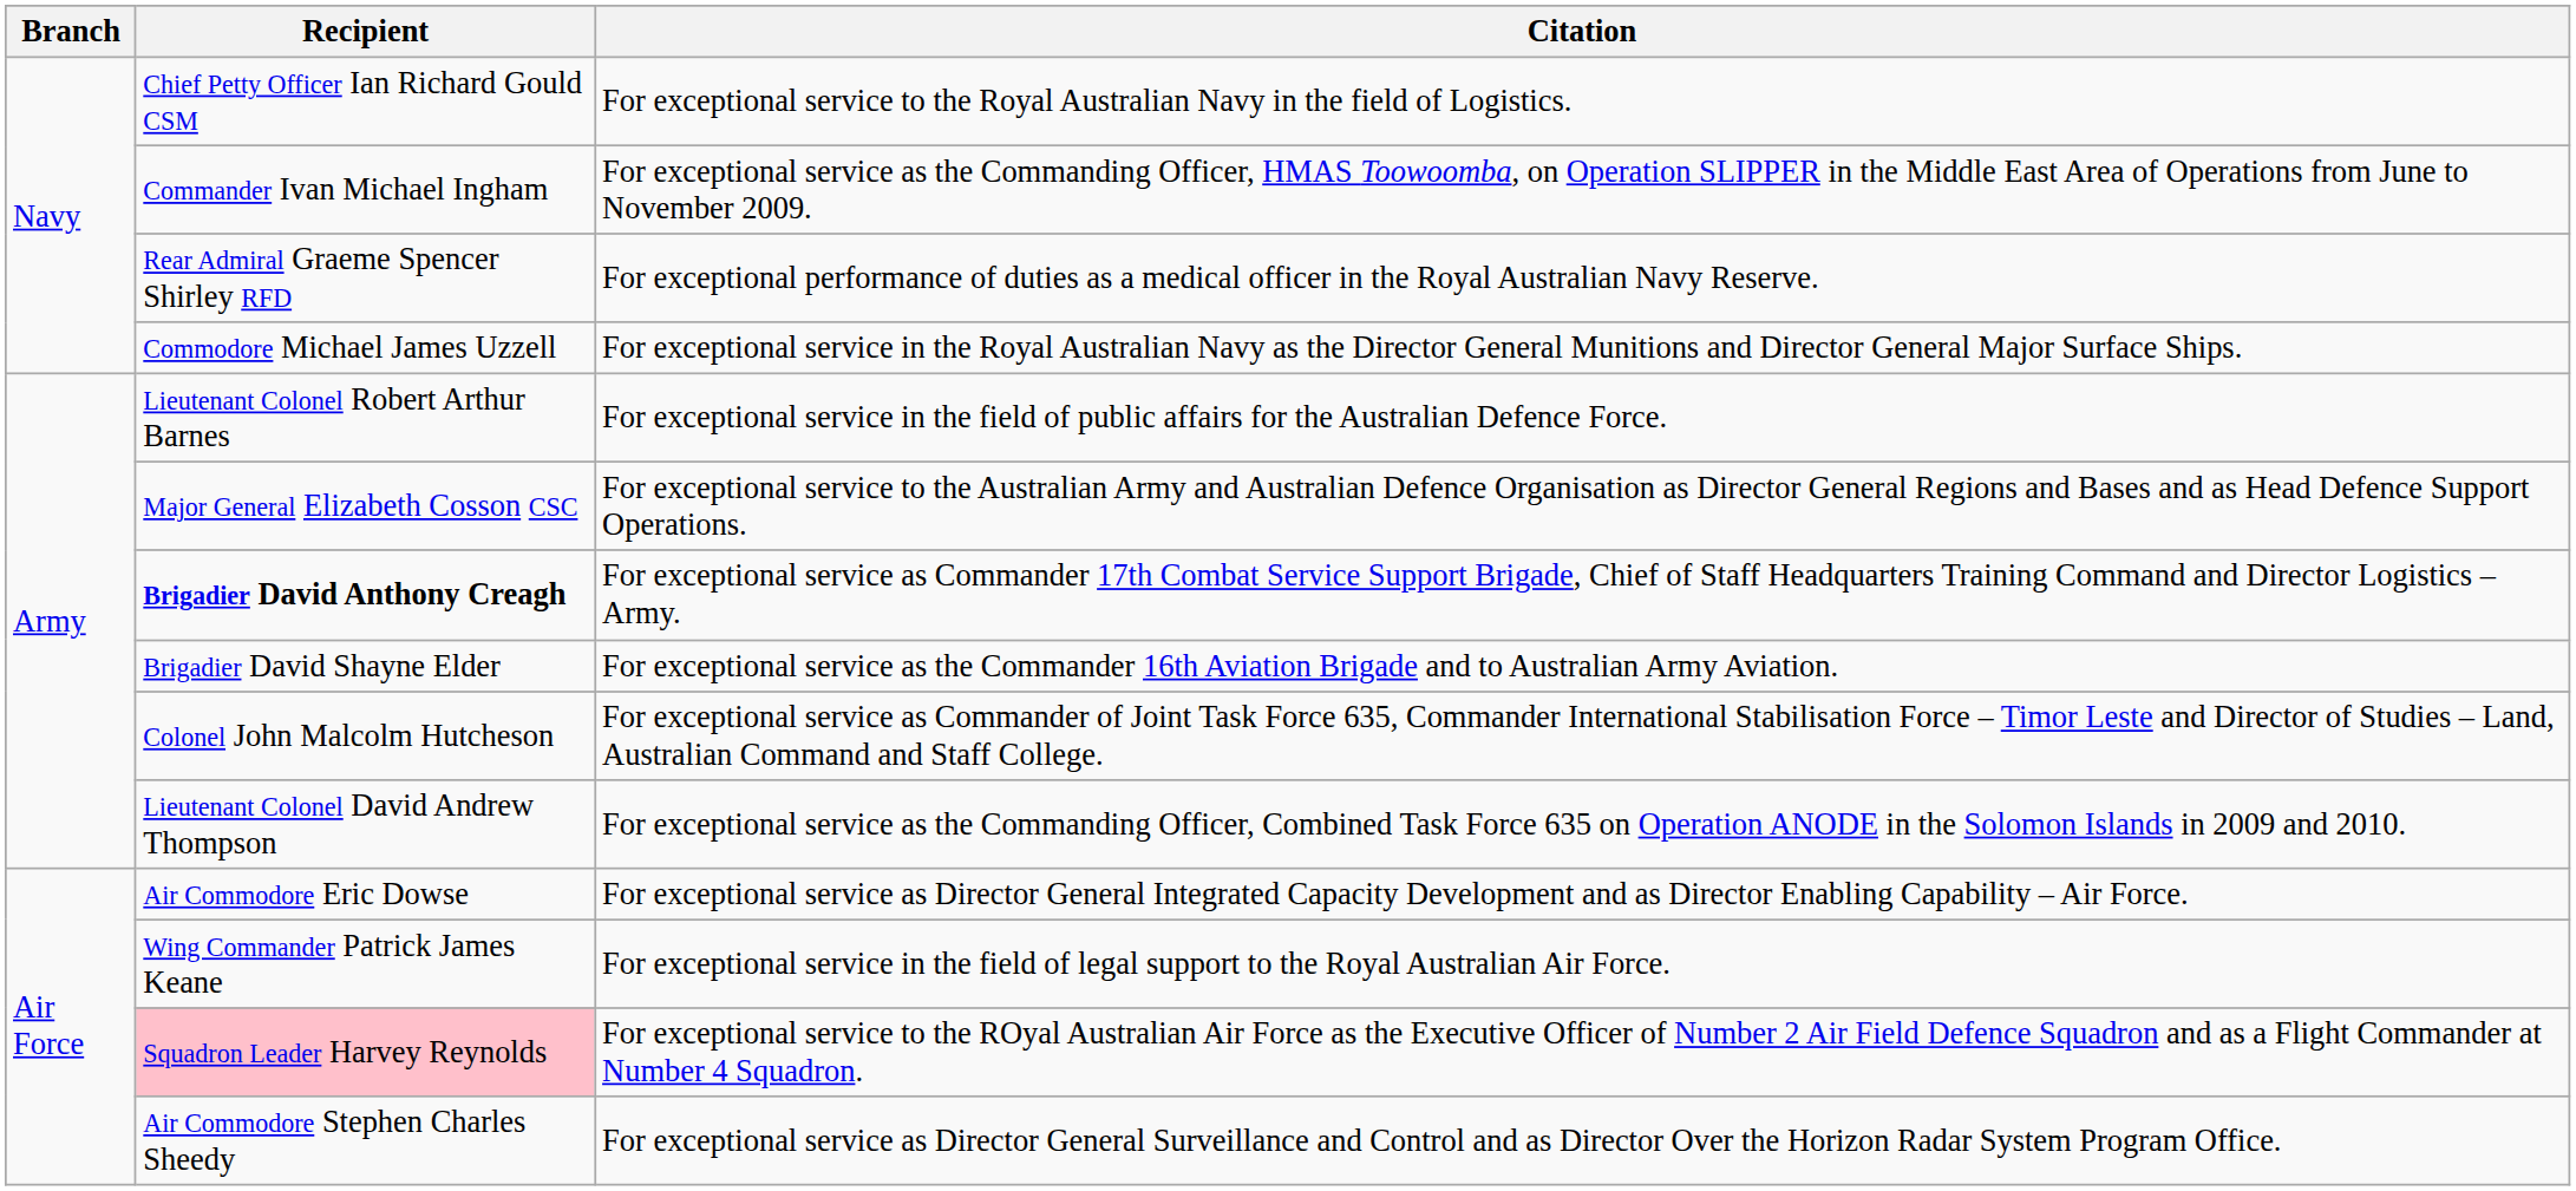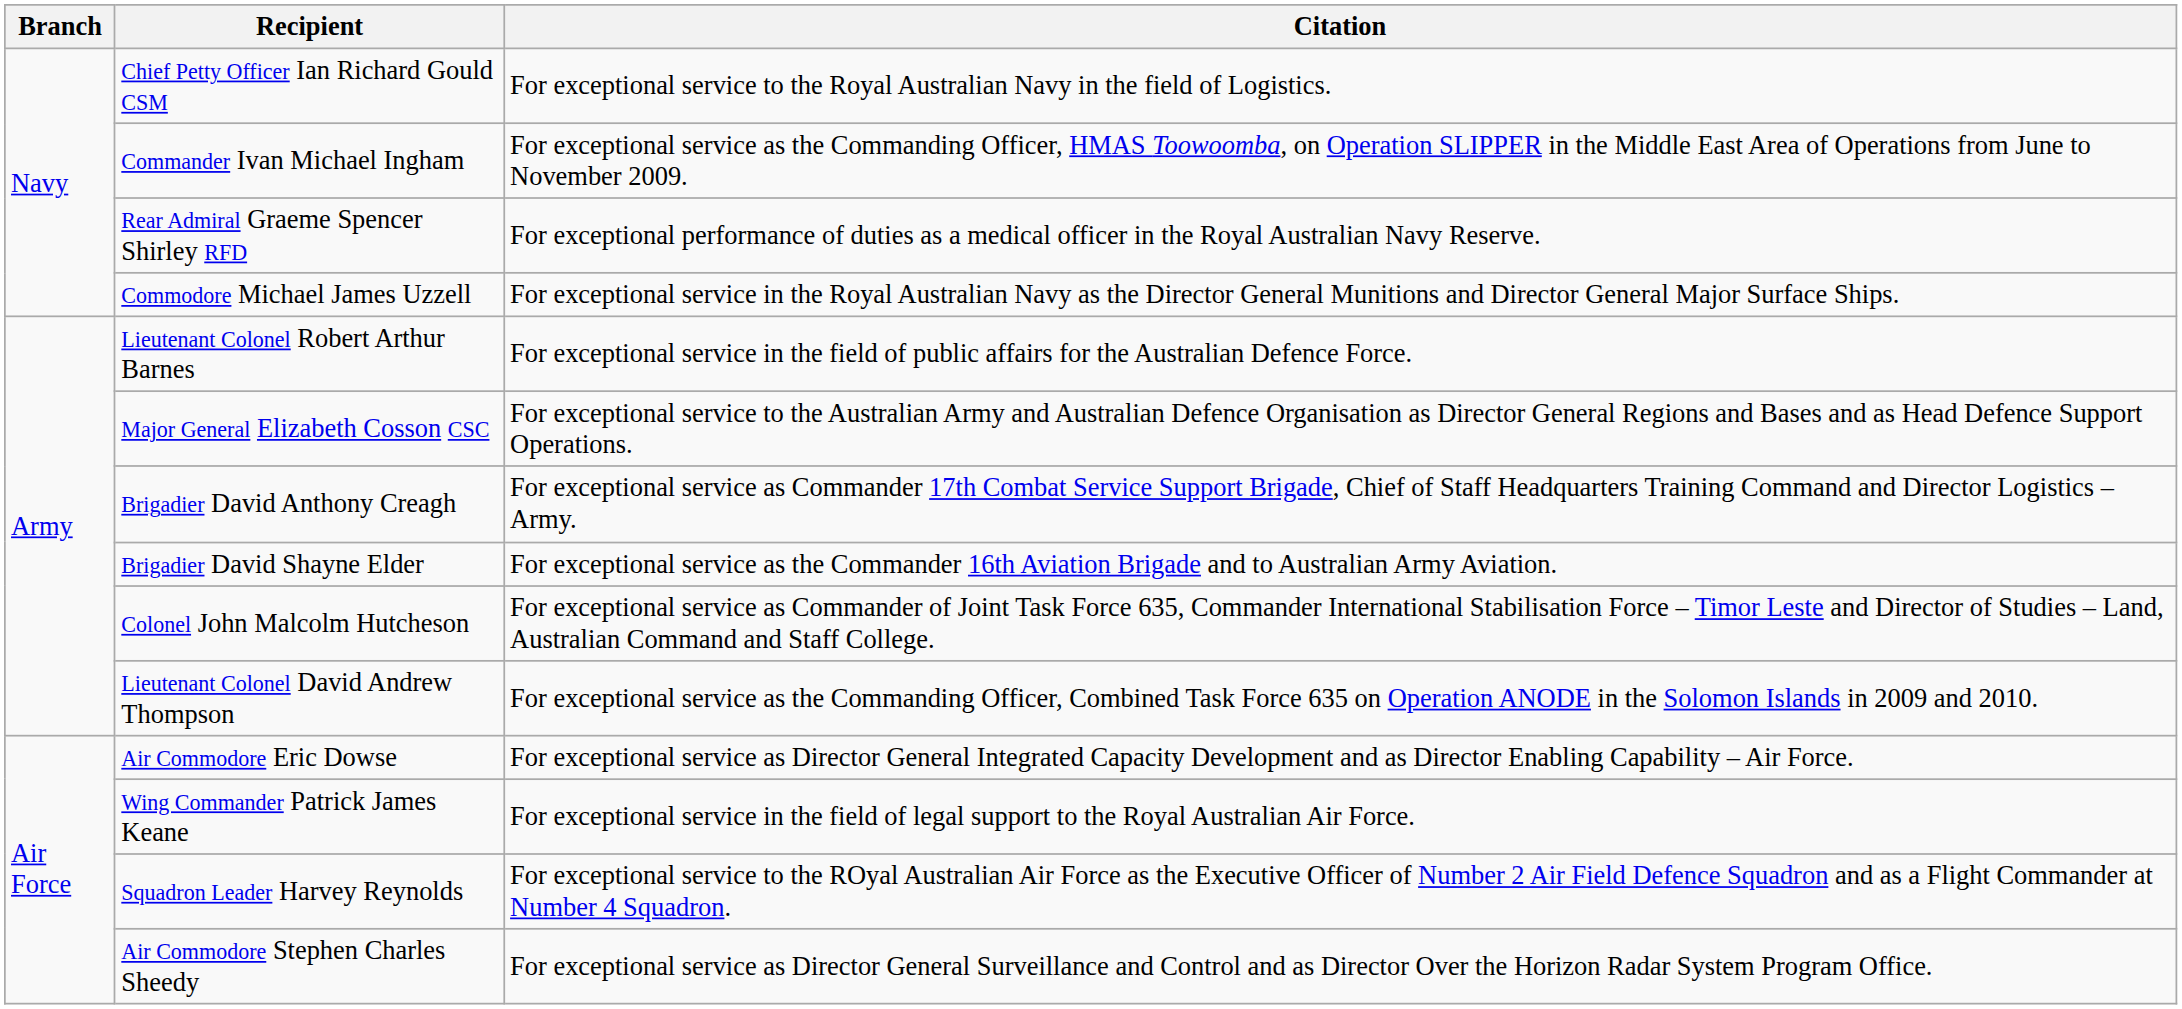 <table class="wikitable" style="font-size:95%;">
 <tr>
 <th>Branch</th>
 <th>Recipient</th>
 <th>Citation</th>
 </tr>
 <tr>
 <td rowspan="4"><a href='#'>Navy</a></td>
 <td><small><a href='#'>Chief Petty Officer</a></small> Ian Richard Gould <small><a href='#'>CSM</a></small></td>
 <td>For exceptional service to the Royal Australian Navy in the field of Logistics.</td>
 </tr>
 <tr>
 <td><small><a href='#'>Commander</a></small> Ivan Michael Ingham</td>
 <td>For exceptional service as the Commanding Officer, <a href='#'>HMAS <em>Toowoomba</em></a>, on <a href='#'>Operation SLIPPER</a> in the Middle East Area of Operations from June to November 2009.</td>
 </tr>
 <tr>
 <td><small><a href='#'>Rear Admiral</a></small> Graeme Spencer Shirley <small><a href='#'>RFD</a></small></td>
 <td>For exceptional performance of duties as a medical officer in the Royal Australian Navy Reserve.</td>
 </tr>
 <tr>
 <td><small><a href='#'>Commodore</a></small> Michael James Uzzell</td>
 <td>For exceptional service in the Royal Australian Navy as the Director General Munitions and Director General Major Surface Ships.</td>
 </tr>
 <tr>
 <td rowspan="6"><a href='#'>Army</a></td>
 <td><small><a href='#'>Lieutenant Colonel</a></small> Robert Arthur Barnes</td>
 <td>For exceptional service in the field of public affairs for the Australian Defence Force.</td>
 </tr>
 <tr>
 <td><small><a href='#'>Major General</a></small> <a href='#'>Elizabeth Cosson</a> <small><a href='#'>CSC</a></small></td>
 <td>For exceptional service to the Australian Army and Australian Defence Organisation as Director General Regions and Bases and as Head Defence Support Operations.</td>
 </tr>
 <tr>
-<td><strong><small><a href='#'>Brigadier</a></small> David Anthony Creagh</strong></td>
+<td><small><a href='#'>Brigadier</a></small> David Anthony Creagh</td>
 <td>For exceptional service as Commander <a href='#'>17th Combat Service Support Brigade</a>, Chief of Staff Headquarters Training Command and Director Logistics – Army.</td>
 </tr>
 <tr>
 <td><small><a href='#'>Brigadier</a></small> David Shayne Elder</td>
 <td>For exceptional service as the Commander <a href='#'>16th Aviation Brigade</a> and to Australian Army Aviation.</td>
 </tr>
 <tr>
 <td><small><a href='#'>Colonel</a></small> John Malcolm Hutcheson</td>
 <td>For exceptional service as Commander of Joint Task Force 635, Commander International Stabilisation Force – <a href='#'>Timor Leste</a> and Director of Studies – Land, Australian Command and Staff College.</td>
 </tr>
 <tr>
 <td><small><a href='#'>Lieutenant Colonel</a></small> David Andrew Thompson</td>
 <td>For exceptional service as the Commanding Officer, Combined Task Force 635 on <a href='#'>Operation ANODE</a> in the <a href='#'>Solomon Islands</a> in 2009 and 2010.</td>
 </tr>
 <tr>
 <td rowspan="4"><a href='#'>Air Force</a></td>
 <td><small><a href='#'>Air Commodore</a></small> Eric Dowse</td>
 <td>For exceptional service as Director General Integrated Capacity Development and as Director Enabling Capability – Air Force.</td>
 </tr>
 <tr>
 <td><small><a href='#'>Wing Commander</a></small> Patrick James Keane</td>
 <td>For exceptional service in the field of legal support to the Royal Australian Air Force.</td>
 </tr>
 <tr>
-<td style="background: pink;"><small><a href='#'>Squadron Leader</a></small> Harvey Reynolds</td>
+<td><small><a href='#'>Squadron Leader</a></small> Harvey Reynolds</td>
 <td>For exceptional service to the ROyal Australian Air Force as the Executive Officer of <a href='#'>Number 2 Air Field Defence Squadron</a> and as a Flight Commander at <a href='#'>Number 4 Squadron</a>.</td>
 </tr>
 <tr>
 <td><small><a href='#'>Air Commodore</a></small> Stephen Charles Sheedy</td>
 <td>For exceptional service as Director General Surveillance and Control and as Director Over the Horizon Radar System Program Office.</td>
 </tr>
 </table>
